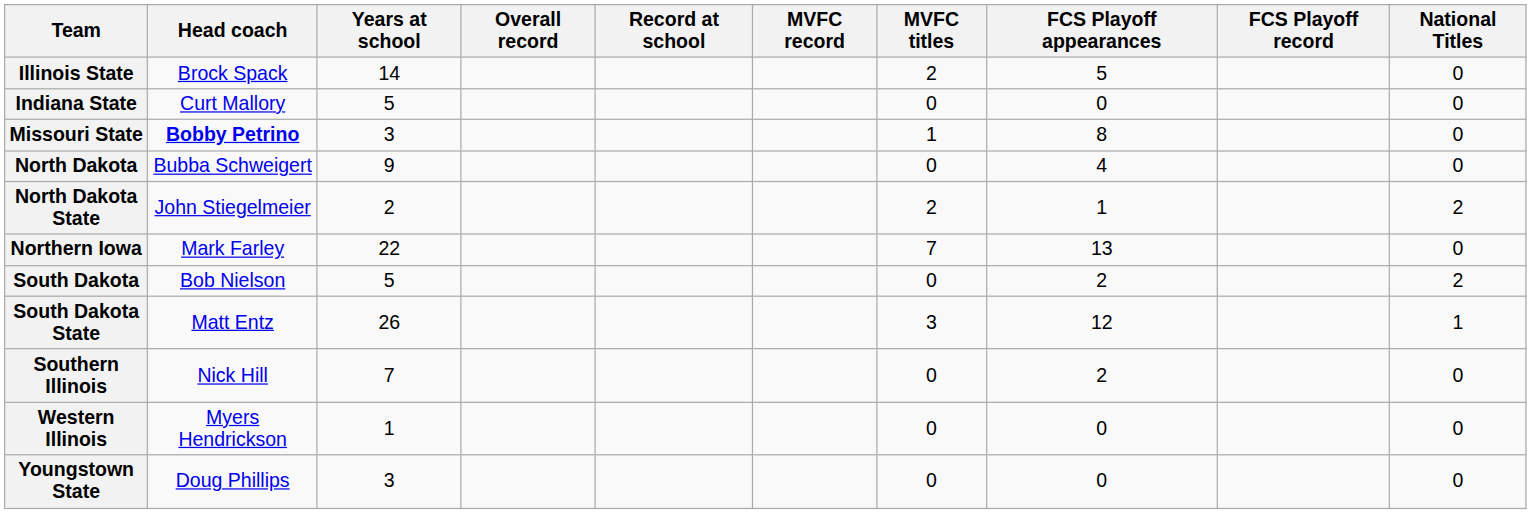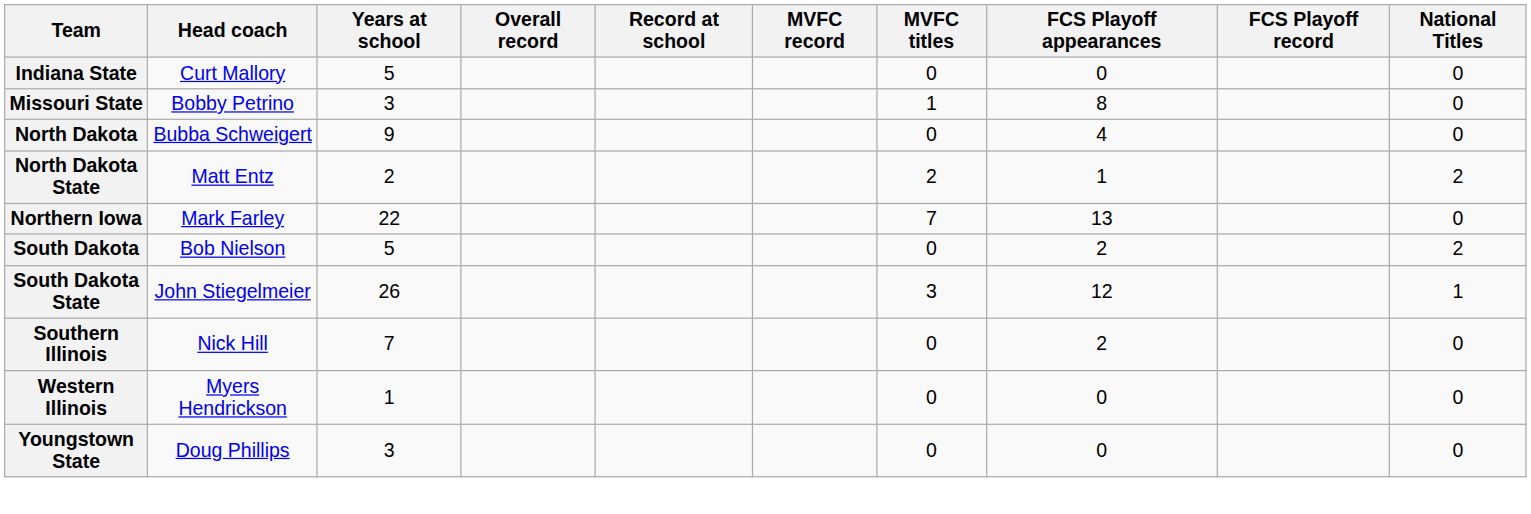 <table class="wikitable sortable" style="text-align: center;">
 <tr>
 <th width="110">Team</th>
 <th>Head coach</th>
 <th>Years at school</th>
 <th>Overall record</th>
 <th>Record at school</th>
 <th>MVFC record</th>
 <th>MVFC titles</th>
 <th>FCS Playoff appearances</th>
 <th>FCS Playoff record</th>
 <th>National Titles</th>
-</tr>
-<tr>
-<th>Illinois State</th>
-<td><a href='#'>Brock Spack</a></td>
-<td>14</td>
-<td data-sort-value=></td>
-<td data-sort-value=></td>
-<td data-sort-value=></td>
-<td>2</td>
-<td>5</td>
-<td data-sort-value=></td>
-<td>0</td>
 </tr>
 <tr>
 <th>Indiana State</th>
 <td><a href='#'>Curt Mallory</a></td>
 <td>5</td>
 <td data-sort-value=></td>
 <td data-sort-value=></td>
 <td data-sort-value=></td>
 <td>0</td>
 <td>0</td>
 <td data-sort-value=></td>
 <td>0</td>
 </tr>
 <tr>
 <th>Missouri State</th>
-<td><strong><a href='#'>Bobby Petrino</a></strong></td>
+<td><a href='#'>Bobby Petrino</a></td>
 <td>3</td>
 <td data-sort-value=></td>
 <td data-sort-value=></td>
 <td data-sort-value=></td>
 <td>1</td>
 <td>8</td>
 <td data-sort-value=></td>
 <td>0</td>
 </tr>
 <tr>
 <th>North Dakota</th>
 <td><a href='#'>Bubba Schweigert</a></td>
 <td>9</td>
 <td data-sort-value=></td>
 <td data-sort-value=></td>
 <td data-sort-value=></td>
 <td>0</td>
 <td>4</td>
 <td data-sort-value=></td>
 <td>0</td>
 </tr>
 <tr>
 <th>North Dakota State</th>
-<td><a href='#'>John Stiegelmeier</a></td>
+<td><a href='#'>Matt Entz</a></td>
 <td>2</td>
 <td data-sort-value=></td>
 <td data-sort-value=></td>
 <td data-sort-value=></td>
 <td>2</td>
 <td>1</td>
 <td data-sort-value=></td>
 <td>2</td>
 </tr>
 <tr>
 <th>Northern Iowa</th>
 <td><a href='#'>Mark Farley</a></td>
 <td>22</td>
 <td data-sort-value=></td>
 <td data-sort-value=></td>
 <td data-sort-value=></td>
 <td>7</td>
 <td>13</td>
 <td data-sort-value=></td>
 <td>0</td>
 </tr>
 <tr>
 <th>South Dakota</th>
 <td><a href='#'>Bob Nielson</a></td>
 <td>5</td>
 <td data-sort-value=></td>
 <td data-sort-value=></td>
 <td data-sort-value=></td>
 <td>0</td>
 <td>2</td>
 <td data-sort-value=></td>
 <td>2</td>
 </tr>
 <tr>
 <th>South Dakota State</th>
-<td><a href='#'>Matt Entz</a></td>
+<td><a href='#'>John Stiegelmeier</a></td>
 <td>26</td>
 <td data-sort-value=></td>
 <td data-sort-value=></td>
 <td data-sort-value=></td>
 <td>3</td>
 <td>12</td>
 <td data-sort-value=></td>
 <td>1</td>
 </tr>
 <tr>
 <th>Southern Illinois</th>
 <td><a href='#'>Nick Hill</a></td>
 <td>7</td>
 <td data-sort-value=></td>
 <td data-sort-value=></td>
 <td data-sort-value=></td>
 <td>0</td>
 <td>2</td>
 <td data-sort-value=></td>
 <td>0</td>
 </tr>
 <tr>
 <th>Western Illinois</th>
 <td><a href='#'>Myers Hendrickson</a></td>
 <td>1</td>
 <td data-sort-value=></td>
 <td data-sort-value=></td>
 <td data-sort-value=></td>
 <td>0</td>
 <td>0</td>
 <td data-sort-value=></td>
 <td>0</td>
 </tr>
 <tr>
 <th>Youngstown State</th>
 <td><a href='#'>Doug Phillips</a></td>
 <td>3</td>
 <td data-sort-value=></td>
 <td data-sort-value=></td>
 <td data-sort-value=></td>
 <td>0</td>
 <td>0</td>
 <td data-sort-value=></td>
 <td>0</td>
 </tr>
 </table>
